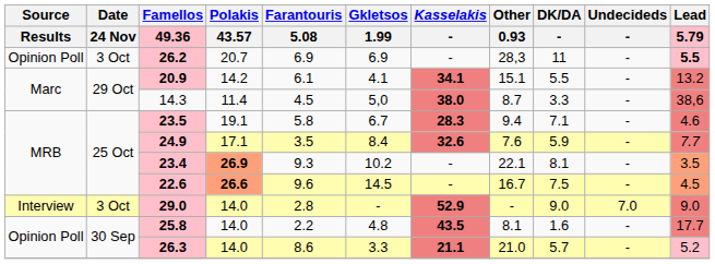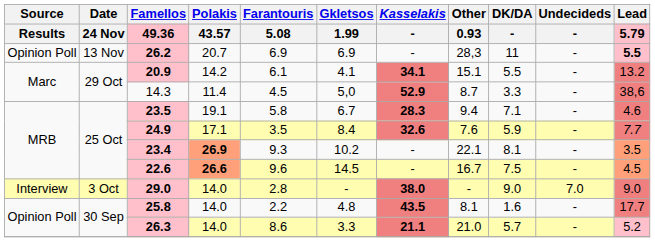 <table class="wikitable" style="text-align:center;font-size:90%; line-height:15px;">
 <tr>
 <th>Source</th>
 <th>Date</th>
 <th><a href='#'>Famellos</a></th>
 <th><a href='#'>Polakis</a></th>
 <th><a href='#'>Farantouris</a></th>
 <th><a href='#'>Gkletsos</a></th>
 <th><em><a href='#'>Kasselakis</a></em></th>
 <th>Other</th>
 <th>DK/DA</th>
 <th>Undecideds</th>
 <th>Lead</th>
 </tr>
 <tr>
 <th>Results</th>
 <th>24 Nov</th>
 <th style="background:#FFC0CB"><strong>49.36</strong></th>
 <th>43.57</th>
 <th>5.08</th>
 <th>1.99</th>
 <th>-</th>
 <th>0.93</th>
 <th>-</th>
 <th>-</th>
 <th style="background:#FFC0CB">5.79</th>
 </tr>
 <tr>
 <td>Opinion Poll</td>
-<td>3 Oct</td>
+<td>13 Nov</td>
 <td style="background:#FFC0CB"><strong>26.2</strong></td>
 <td>20.7</td>
 <td>6.9</td>
 <td>6.9</td>
 <td>-</td>
 <td style="background:">28,3</td>
 <td>11</td>
 <td>-</td>
 <td style="background:#FFC0CB"><strong>5.5</strong></td>
 </tr>
 <tr>
 <td rowspan=2>Marc</td>
 <td rowspan=2>29 Oct</td>
 <td style="background:#FFC0CB"><strong>20.9</strong></td>
 <td>14.2</td>
 <td>6.1</td>
 <td>4.1</td>
 <td style="background:#F08080"><strong>34.1</strong></td>
 <td>15.1</td>
 <td>5.5</td>
 <td>-</td>
 <td style="background:#F08080">13.2</td>
 </tr>
 <tr>
 <td>14.3</td>
 <td>11.4</td>
 <td>4.5</td>
 <td>5,0</td>
-<td style="background:#F08080"><strong>38.0</strong></td>
+<td style="background:#F08080"><strong>52.9</strong></td>
 <td>8.7</td>
 <td>3.3</td>
 <td>-</td>
 <td style="background:#F08080">38,6</td>
 </tr>
 <tr>
 <td rowspan=4>MRB</td>
 <td rowspan=4>25 Oct</td>
 <td style="background:#FFC0CB"><strong>23.5</strong></td>
 <td>19.1</td>
 <td>5.8</td>
 <td>6.7</td>
 <td style="background:#F08080"><strong>28.3</strong></td>
 <td>9.4</td>
 <td>7.1</td>
 <td>-</td>
 <td style="background:#F08080">4.6</td>
 </tr>
 <tr style=background:#fffdb0>
 <td style="background:#FFC0CB"><strong>24.9</strong></td>
 <td>17.1</td>
 <td>3.5</td>
 <td>8.4</td>
 <td style="background:#F08080"><strong>32.6</strong></td>
 <td>7.6</td>
 <td>5.9</td>
 <td>-</td>
 <td style="background:#F08080"><em>7.7</em></td>
 </tr>
 <tr>
 <td style="background:#FFC0CB"><strong>23.4</strong></td>
 <td style="background:#FFA07A"><strong>26.9</strong></td>
 <td>9.3</td>
 <td>10.2</td>
 <td>-</td>
 <td>22.1</td>
 <td>8.1</td>
 <td>-</td>
 <td style="background:#FFA07A">3.5</td>
 </tr>
 <tr style=background:#fffdb0>
 <td style="background:#FFC0CB"><strong>22.6</strong></td>
 <td style="background:#FFA07A"><strong>26.6</strong></td>
 <td>9.6</td>
 <td>14.5</td>
 <td>-</td>
 <td>16.7</td>
 <td>7.5</td>
 <td>-</td>
 <td style="background:#FFA07A">4.5</td>
 </tr>
 <tr style=background:#fffdb0>
 <td>Interview</td>
 <td>3 Oct</td>
 <td style="background:#FFC0CB"><strong>29.0</strong></td>
 <td>14.0</td>
 <td>2.8</td>
 <td>-</td>
-<td style="background:#F08080"><strong>52.9</strong></td>
+<td style="background:#F08080"><strong>38.0</strong></td>
 <td>-</td>
 <td>9.0</td>
 <td>7.0</td>
 <td style="background:#F08080">9.0</td>
 </tr>
 <tr>
 <td rowspan=2>Opinion Poll</td>
 <td rowspan=2>30 Sep</td>
 <td style="background:#FFC0CB"><strong>25.8</strong></td>
 <td>14.0</td>
 <td>2.2</td>
 <td>4.8</td>
 <td style="background:#F08080"><strong>43.5</strong></td>
 <td>8.1</td>
 <td>1.6</td>
 <td>-</td>
 <td style="background:#F08080">17.7</td>
 </tr>
 <tr style=background:#fffdb0>
 <td style="background:#FFC0CB"><strong>26.3</strong></td>
 <td>14.0</td>
 <td>8.6</td>
 <td>3.3</td>
 <td style="background:#F08080"><strong>21.1</strong></td>
 <td>21.0</td>
 <td>5.7</td>
 <td>-</td>
 <td style="background:#FFC0CB">5.2</td>
 </tr>
 <tr>
 </tr>
 </table>
